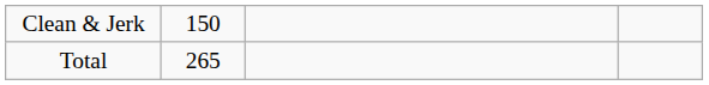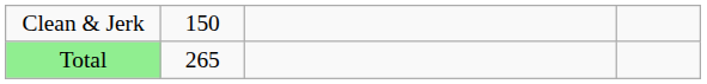 <table class = "wikitable" style="text-align:center;">
 <tr>
 <td width=100>Clean & Jerk</td>
 <td width=50>150</td>
 <td width=250 align=left></td>
 <td width=50></td>
 </tr>
 <tr>
-<td>Total</td>
+<td style="background: lightgreen;">Total</td>
 <td>265</td>
 <td align=left></td>
 <td></td>
 </tr>
 </table>
